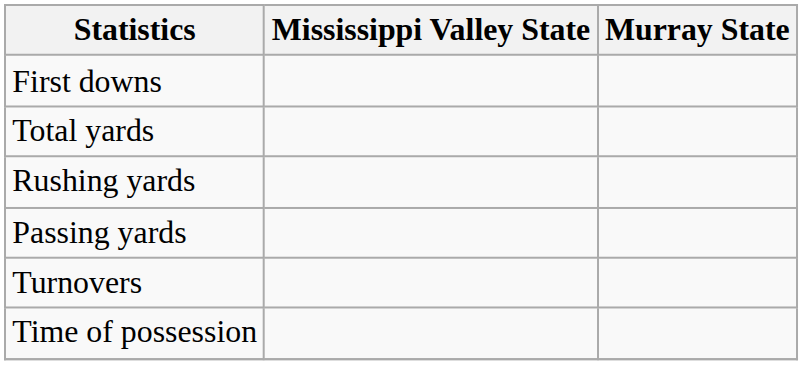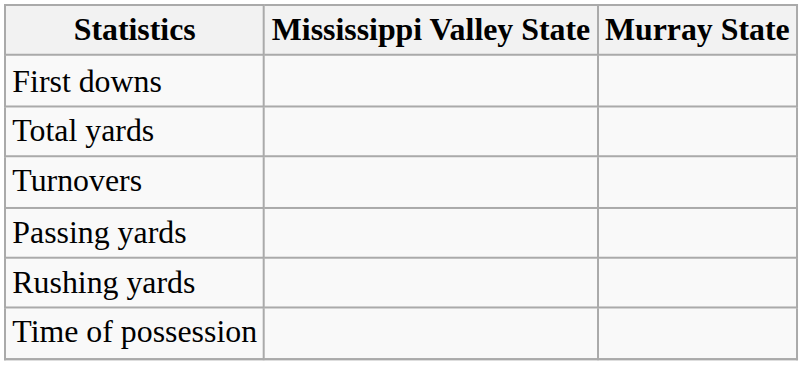 <table class="wikitable">
 <tr>
 <th>Statistics</th>
 <th>Mississippi Valley State</th>
 <th>Murray State</th>
 </tr>
 <tr>
 <td>First downs</td>
 <td> </td>
 <td> </td>
 </tr>
 <tr>
 <td>Total yards</td>
 <td> </td>
 <td> </td>
 </tr>
 <tr>
-<td>Rushing yards</td>
+<td>Turnovers</td>
 <td> </td>
 <td> </td>
 </tr>
 <tr>
 <td>Passing yards</td>
 <td> </td>
 <td> </td>
 </tr>
 <tr>
-<td>Turnovers</td>
+<td>Rushing yards</td>
 <td> </td>
 <td> </td>
 </tr>
 <tr>
 <td>Time of possession</td>
 <td> </td>
 <td> </td>
 </tr>
 <tr>
 </tr>
 </table>
